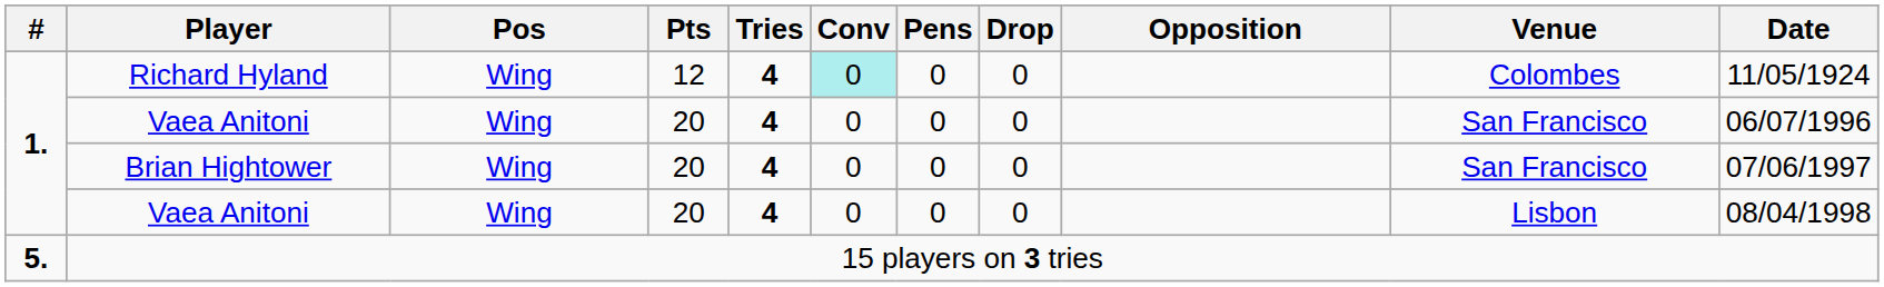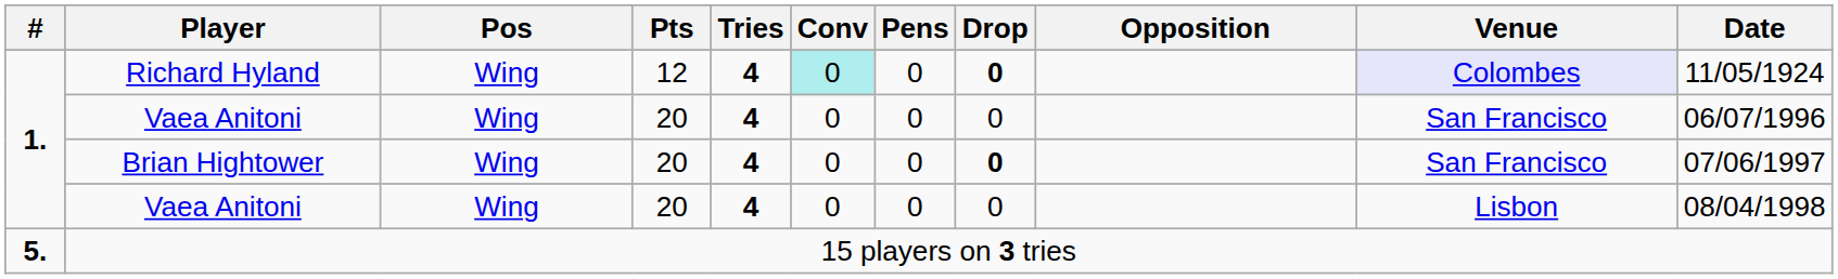 <table class="wikitable" style="font-size:95%; text-align:center;">
 <tr>
 <th style="width:25px;">#</th>
 <th style="width:162px;">Player</th>
 <th style="width:128px;">Pos</th>
 <th style="width:35px;">Pts</th>
 <th style="width:35px;">Tries</th>
 <th style="width:35px;">Conv</th>
 <th style="width:35px;">Pens</th>
 <th style="width:35px;">Drop</th>
 <th style="width:165px;">Opposition</th>
 <th style="width:165px;">Venue</th>
 <th style="width:65px;">Date</th>
 </tr>
 <tr>
 <td rowspan=4><strong>1.</strong></td>
 <td><a href='#'>Richard Hyland</a></td>
 <td><a href='#'>Wing</a></td>
 <td>12</td>
 <td><strong>4</strong></td>
 <td style="background: paleturquoise;">0</td>
 <td>0</td>
-<td>0</td>
+<td><strong>0</strong></td>
 <td></td>
-<td> <a href='#'>Colombes</a></td>
+<td style="background: lavender;"> <a href='#'>Colombes</a></td>
 <td>11/05/1924</td>
 </tr>
 <tr>
 <td><a href='#'>Vaea Anitoni</a></td>
 <td><a href='#'>Wing</a></td>
 <td>20</td>
 <td><strong>4</strong></td>
 <td>0</td>
 <td>0</td>
 <td>0</td>
 <td></td>
 <td> <a href='#'>San Francisco</a></td>
 <td>06/07/1996</td>
 </tr>
 <tr>
 <td><a href='#'>Brian Hightower</a></td>
 <td><a href='#'>Wing</a></td>
 <td>20</td>
 <td><strong>4</strong></td>
 <td>0</td>
 <td>0</td>
-<td>0</td>
+<td><strong>0</strong></td>
 <td></td>
 <td> <a href='#'>San Francisco</a></td>
 <td>07/06/1997</td>
 </tr>
 <tr>
 <td><a href='#'>Vaea Anitoni</a></td>
 <td><a href='#'>Wing</a></td>
 <td>20</td>
 <td><strong>4</strong></td>
 <td>0</td>
 <td>0</td>
 <td>0</td>
 <td></td>
 <td> <a href='#'>Lisbon</a></td>
 <td>08/04/1998</td>
 </tr>
 <tr>
 <td><strong>5.</strong></td>
 <td colspan=10>15 players on <strong>3</strong> tries</td>
 </tr>
 </table>
